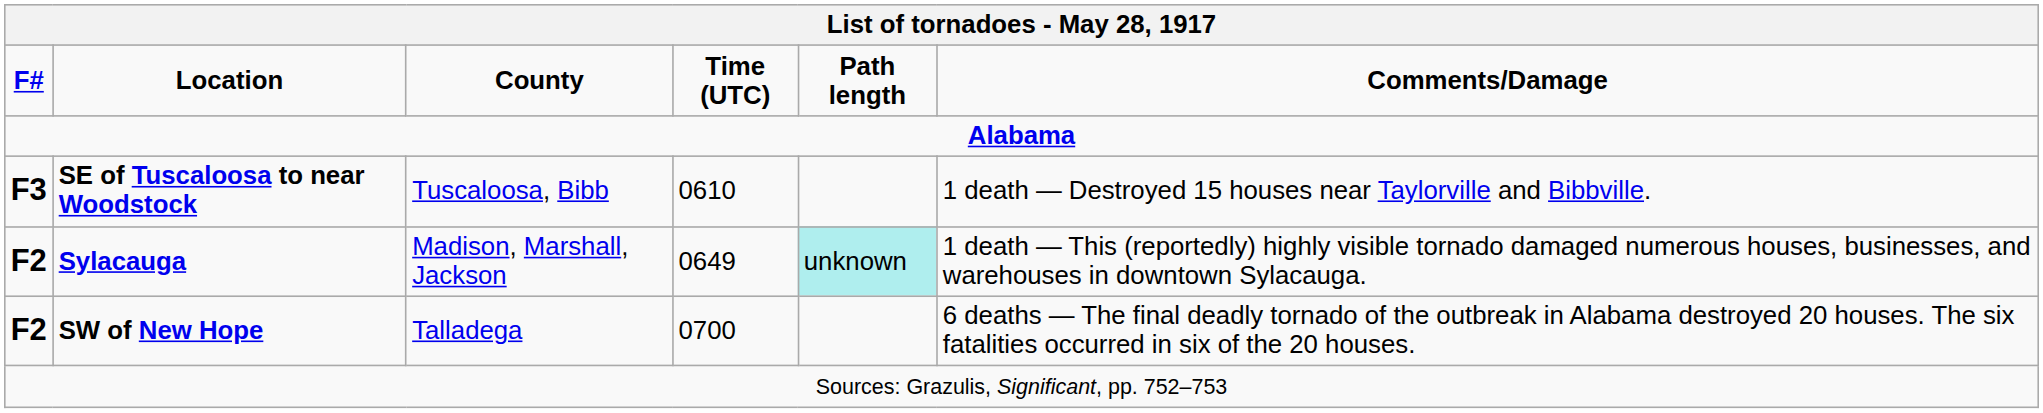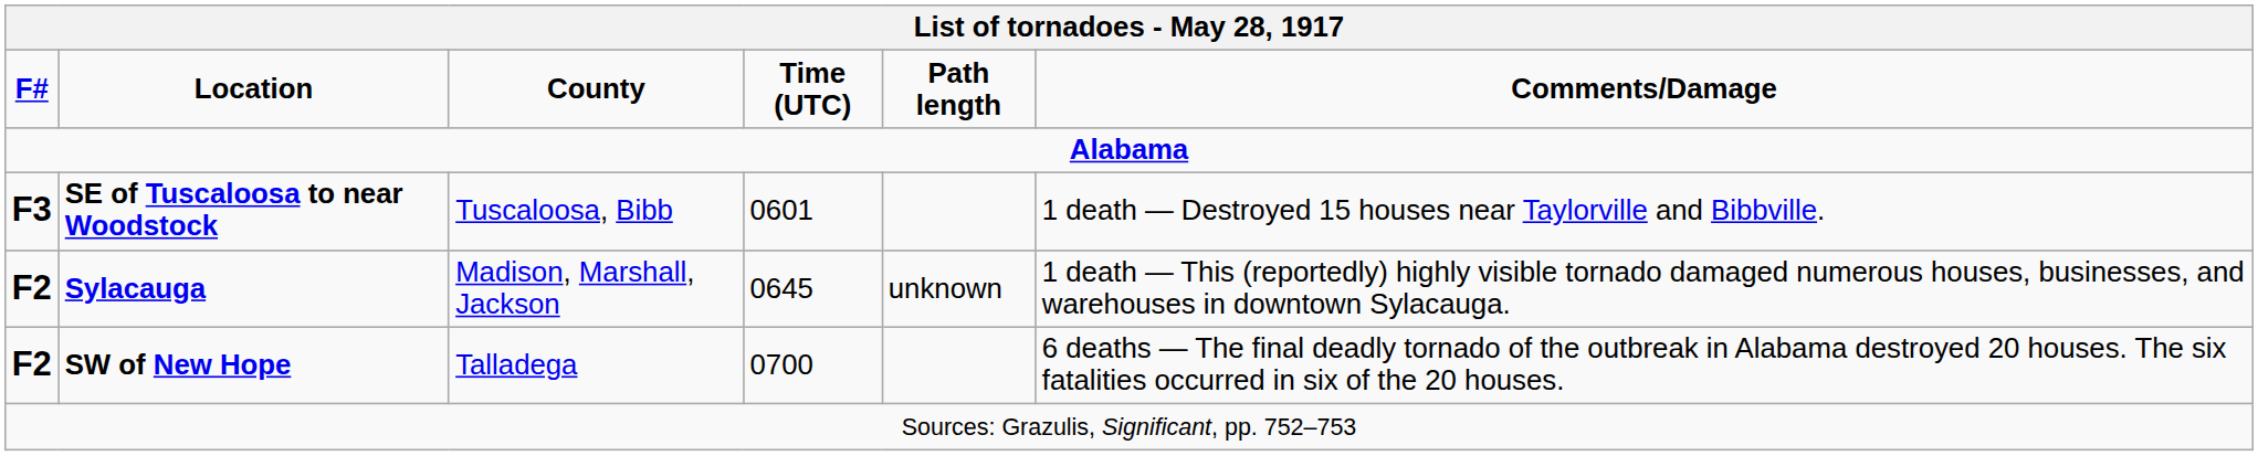 <table class="wikitable collapsible" style="width:100%;">
 <tr>
 <th colspan="6">List of tornadoes - May 28, 1917</th>
 </tr>
 <tr style="text-align:center;">
 <td><strong><a href='#'>F#</a></strong></td>
 <td><strong>Location</strong></td>
 <td><strong>County</strong></td>
 <td><strong>Time (UTC)</strong></td>
 <td><strong>Path length</strong></td>
 <td><strong>Comments/Damage</strong></td>
 </tr>
 <tr>
 <td colspan="7" style="text-align:center;"><strong><a href='#'>Alabama</a></strong></td>
 </tr>
 <tr>
 <td><big><strong>F3</strong></big></td>
 <td><strong>SE of <a href='#'>Tuscaloosa</a> to near <a href='#'>Woodstock</a></strong></td>
 <td><a href='#'>Tuscaloosa</a>, <a href='#'>Bibb</a></td>
-<td>0610</td>
+<td>0601</td>
 <td></td>
 <td>1 death — Destroyed 15 houses near <a href='#'>Taylorville</a> and <a href='#'>Bibbville</a>.</td>
 </tr>
 <tr>
 <td><big><strong>F2</strong></big></td>
 <td><strong><a href='#'>Sylacauga</a></strong></td>
 <td><a href='#'>Madison</a>, <a href='#'>Marshall</a>, <a href='#'>Jackson</a></td>
-<td>0649</td>
-<td style="background: paleturquoise;">unknown</td>
+<td>0645</td>
+<td>unknown</td>
 <td>1 death — This (reportedly) highly visible tornado damaged numerous houses, businesses, and warehouses in downtown Sylacauga.</td>
 </tr>
 <tr>
 <td><big><strong>F2</strong></big></td>
 <td><strong>SW of <a href='#'>New Hope</a></strong></td>
 <td><a href='#'>Talladega</a></td>
 <td>0700</td>
 <td></td>
 <td>6 deaths — The final deadly tornado of the outbreak in Alabama destroyed 20 houses. The six fatalities occurred in six of the 20 houses.</td>
 </tr>
 <tr>
 <td colspan="6" style="text-align:center;"><small>Sources: Grazulis, <em>Significant</em>, pp. 752–753</small></td>
 </tr>
 </table>
